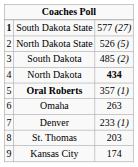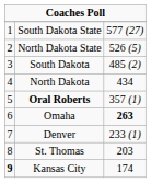 <table class="wikitable">
 <tr align="center">
 <td align="center" colspan="3"><strong>Coaches Poll</strong></td>
 </tr>
 <tr align="center">
 </tr>
 <tr align="center">
-<td><strong>1</strong></td>
+<td>1</td>
 <td>South Dakota State</td>
 <td>577 <em>(27)</em></td>
 </tr>
 <tr align="center">
 <td>2</td>
 <td>North Dakota State</td>
 <td>526 <em>(5)</em></td>
 </tr>
 <tr align="center">
 <td>3</td>
 <td>South Dakota</td>
 <td>485 <em>(2)</em></td>
 </tr>
 <tr align="center">
 <td>4</td>
 <td>North Dakota</td>
-<td><strong>434</strong></td>
+<td>434</td>
 </tr>
 <tr align="center">
 <td>5</td>
 <td><strong>Oral Roberts</strong></td>
 <td>357 <em>(1)</em></td>
 </tr>
 <tr align="center">
 <td>6</td>
 <td>Omaha</td>
-<td>263</td>
+<td><strong>263</strong></td>
 </tr>
 <tr align="center">
 <td>7</td>
 <td>Denver</td>
 <td>233 <em>(1)</em></td>
 </tr>
 <tr align="center">
 <td>8</td>
 <td>St. Thomas</td>
 <td>203</td>
 </tr>
 <tr align="center">
-<td>9</td>
+<td><strong>9</strong></td>
 <td>Kansas City</td>
 <td>174</td>
 </tr>
 </table>
